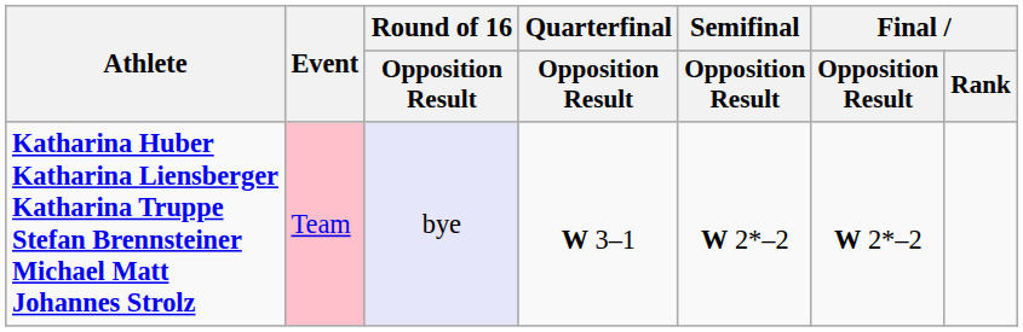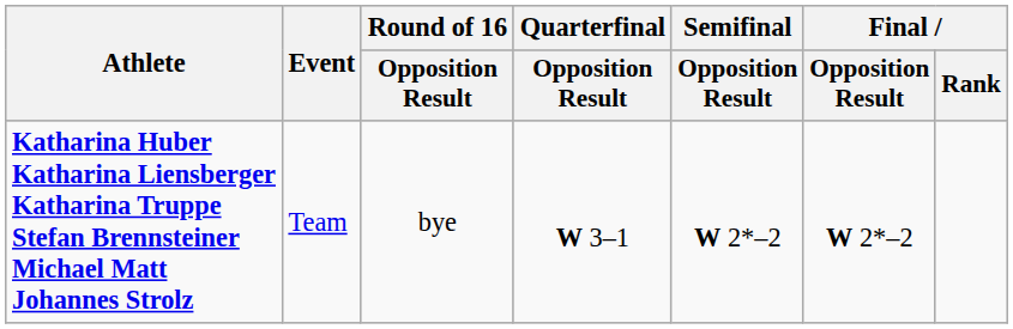 <table class=wikitable style="font-size:90%">
 <tr>
 <th rowspan=2>Athlete</th>
 <th rowspan=2>Event</th>
 <th>Round of 16</th>
 <th>Quarterfinal</th>
 <th>Semifinal</th>
 <th colspan=2>Final / </th>
 </tr>
 <tr style=font-size:95%>
 <th>Opposition<br>Result</th>
 <th>Opposition<br>Result</th>
 <th>Opposition<br>Result</th>
 <th>Opposition<br>Result</th>
 <th>Rank</th>
 </tr>
 <tr align=center>
 <td align=left><strong><a href='#'>Katharina Huber</a><br><a href='#'>Katharina Liensberger</a><br><a href='#'>Katharina Truppe</a><br><a href='#'>Stefan Brennsteiner</a><br><a href='#'>Michael Matt</a><br><a href='#'>Johannes Strolz</a></strong></td>
-<td align=left style="background: pink;"><a href='#'>Team</a></td>
-<td style="background: lavender;">bye</td>
+<td align=left><a href='#'>Team</a></td>
+<td>bye</td>
 <td><br><strong>W</strong> 3–1</td>
 <td><br><strong>W</strong> 2*–2</td>
 <td><br><strong>W</strong> 2*–2</td>
 <td></td>
 </tr>
 </table>
